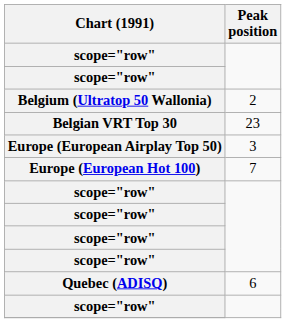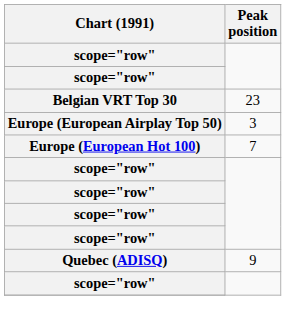 <table class="wikitable sortable plainrowheaders">
 <tr>
 <th>Chart (1991)</th>
 <th>Peak<br>position</th>
 </tr>
 <tr>
 <th>scope="row"</th>
 </tr>
 <tr>
 <th>scope="row"</th>
-</tr>
-<tr>
-<th scope="row">Belgium (<a href='#'>Ultratop 50</a> Wallonia)</th>
-<td align="center">2</td>
 </tr>
 <tr>
 <th scope="row">Belgian VRT Top 30</th>
 <td align="center">23</td>
 </tr>
 <tr>
 <th scope="row">Europe (European Airplay Top 50)</th>
 <td align="center">3</td>
 </tr>
 <tr>
 <th scope="row">Europe (<a href='#'>European Hot 100</a>)</th>
 <td align="center">7</td>
 </tr>
 <tr>
 <th>scope="row"</th>
 </tr>
 <tr>
 <th>scope="row"</th>
 </tr>
 <tr>
 <th>scope="row"</th>
 </tr>
 <tr>
 <th>scope="row"</th>
 </tr>
 <tr>
 <th scope="row">Quebec (<a href='#'>ADISQ</a>)</th>
-<td align="center">6</td>
+<td align="center">9</td>
 </tr>
 <tr>
 <th>scope="row"</th>
 </tr>
 <tr>
 </tr>
 </table>
